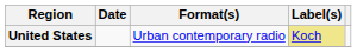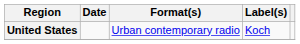 <table class="wikitable plainrowheaders" style="text-align:left">
 <tr>
 <th scope="col">Region</th>
 <th scope="col">Date</th>
 <th scope="col">Format(s)</th>
 <th scope="col">Label(s)</th>
 <th scope="col"></th>
 </tr>
 <tr>
 <th scope="row">United States</th>
 <td></td>
 <td><a href='#'>Urban contemporary radio</a></td>
-<td style="background: khaki;"><a href='#'>Koch</a></td>
+<td><a href='#'>Koch</a></td>
 <td></td>
 </tr>
 <tr>
 </tr>
 </table>
